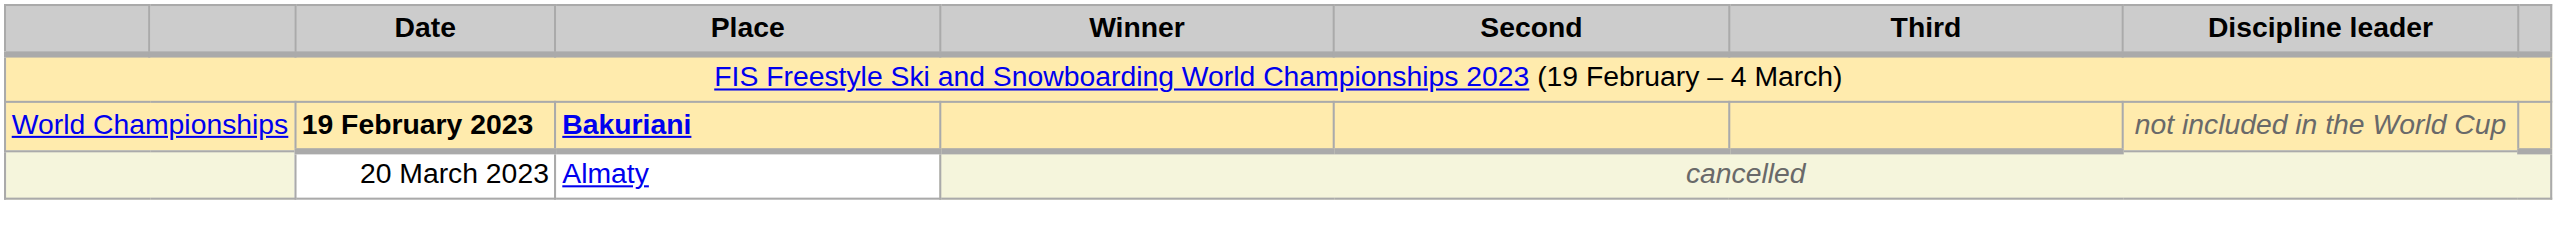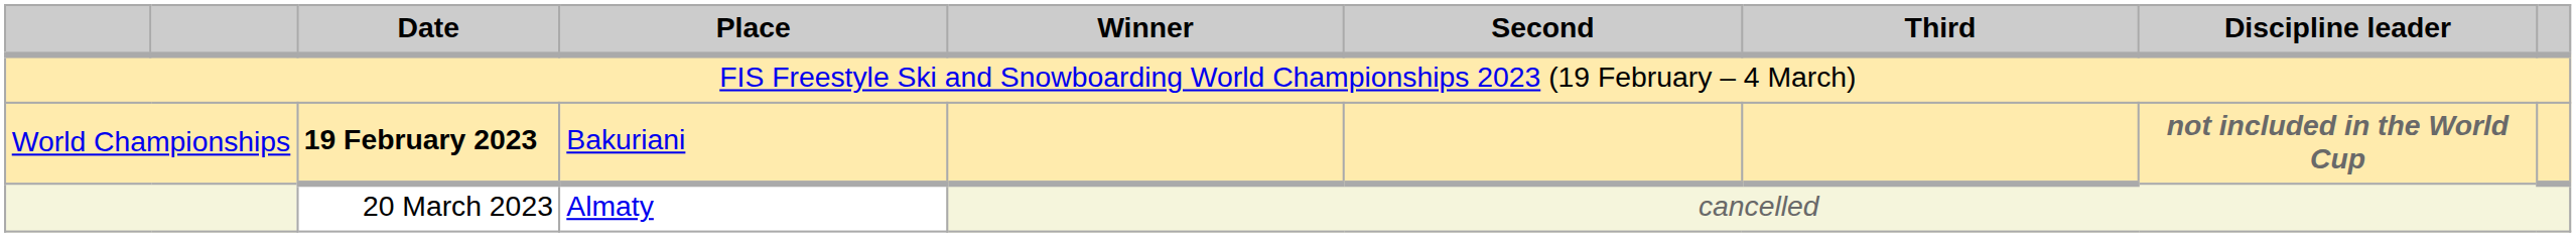 <table class="wikitable plainrowheaders" style="background:#fff; font-size:86%; line-height:16px; border:grey solid 1px; border-collapse:collapse;">
 <tr>
 <th scope="col" style="background:#ccc; width=20 px;"></th>
 <th scope="col" style="background:#ccc; width=30 px;"></th>
 <th scope="col" style="background:#ccc; width:120px;">Date</th>
 <th scope="col" style="background:#ccc; width:180px;">Place</th>
 <th scope="col" style="background:#ccc; width:185px;">Winner</th>
 <th scope="col" style="background:#ccc; width:185px;">Second</th>
 <th scope="col" style="background:#ccc; width:185px;">Third</th>
 <th scope="col" style="background:#ccc; width:185px;">Discipline leader</th>
 <th scope="col" style="background:#ccc; width:10px;"></th>
 </tr>
 <tr style="background:#FFEBAD">
 <td align=center style="border-top-width:3px" colspan=11><a href='#'>FIS Freestyle Ski and Snowboarding World Championships 2023</a> (19 February – 4 March)</td>
 </tr>
 <tr style="background:#FFEBAD">
 <td colspan=2 align="center" style=color:#696969 style="border-bottom-width:3px"><a href='#'>World Championships</a></td>
 <td style="border-bottom-width:3px" align="right"><strong>19 February 2023  </strong></td>
-<td style="border-bottom-width:3px"><strong> <a href='#'>Bakuriani</a></strong></td>
+<td style="border-bottom-width:3px"> <a href='#'>Bakuriani</a></td>
 <td style="border-bottom-width:3px"></td>
 <td style="border-bottom-width:3px"></td>
 <td style="border-bottom-width:3px"></td>
-<td align="center" style=color:#696969 style="border-bottom-width:3px"><em>not included in the World Cup</em></td>
+<td align="center" style=color:#696969 style="border-bottom-width:3px"><strong><em>not included in the World Cup</em></strong></td>
 <td style="border-bottom-width:3px"></td>
 </tr>
 <tr>
 <td colspan=2 bgcolor="F5F5DC"></td>
 <td align="right">20 March 2023</td>
 <td> <a href='#'>Almaty</a></td>
 <td colspan=5 align=center bgcolor="F5F5DC" style=color:#696969><em>cancelled</em></td>
 </tr>
 </table>
